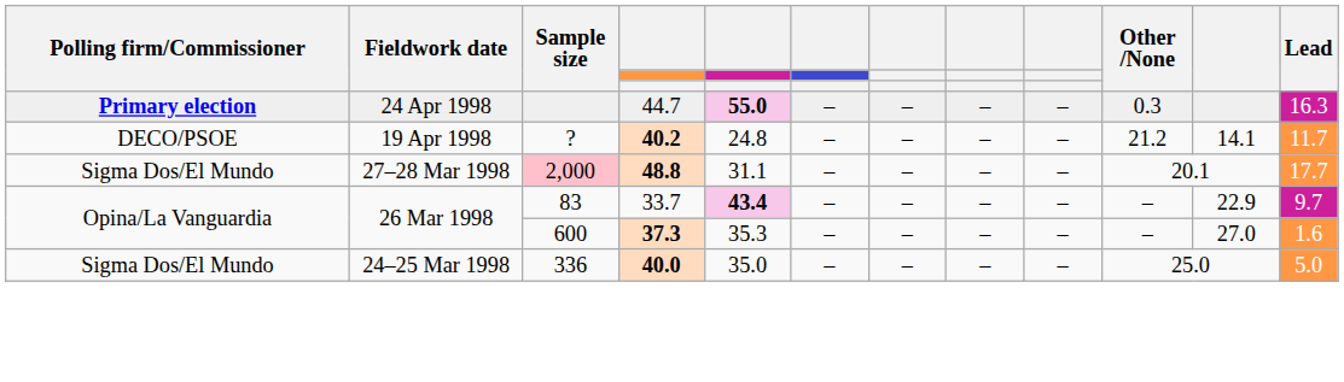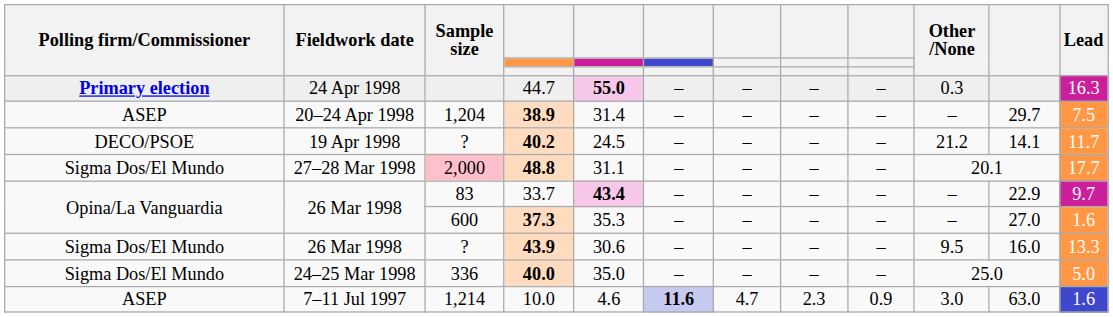 <table class="wikitable collapsible collapsed" style="text-align:center; font-size:90%; line-height:14px;">
 <tr style="height:42px;">
 <th style="width:260px;" rowspan="3">Polling firm/Commissioner</th>
 <th style="width:125px;" rowspan="3">Fieldwork date</th>
 <th style="width:60px;" rowspan="3">Sample size</th>
 <th style="width:60px;"></th>
 <th style="width:60px;"></th>
 <th style="width:60px;"></th>
 <th style="width:60px;"></th>
 <th style="width:60px;"></th>
 <th style="width:60px;"></th>
 <th style="width:60px;" rowspan="3">Other<br>/None</th>
 <th style="width:60px;" rowspan="3"></th>
 <th style="width:30px;" rowspan="3">Lead</th>
 </tr>
 <tr>
 <th style="color:inherit;background:#FF9744;"></th>
 <th style="color:inherit;background:#CB1F9B;"></th>
 <th style="color:inherit;background:#3F48CC;"></th>
 <th style="color:inherit;background:"></th>
 <th style="color:inherit;background:"></th>
 <th style="color:inherit;background:"></th>
 </tr>
 <tr>
 <th></th>
 <th></th>
 <th></th>
 <th></th>
 <th></th>
 <th></th>
 </tr>
 <tr style="color:inherit;background:#EFEFEF;">
 <td><strong><a href='#'>Primary election</a></strong></td>
 <td>24 Apr 1998</td>
 <td></td>
 <td>44.7</td>
 <td style="color:inherit;background:#F7C8EA;"><strong>55.0</strong></td>
 <td>–</td>
 <td>–</td>
 <td>–</td>
 <td>–</td>
 <td>0.3</td>
 <td></td>
 <td style="color:inherit;background:#CB1F9B; color:white;">16.3</td>
 </tr>
 <tr>
+<td>ASEP</td>
+<td>20–24 Apr 1998</td>
+<td>1,204</td>
+<td style="color:inherit;background:#FFDCBF;"><strong>38.9</strong></td>
+<td>31.4</td>
+<td>–</td>
+<td>–</td>
+<td>–</td>
+<td>–</td>
+<td>–</td>
+<td>29.7</td>
+<td style="color:inherit;background:#FF9744; color:white;">7.5</td>
+</tr>
+<tr>
 <td>DECO/PSOE</td>
 <td>19 Apr 1998</td>
 <td>?</td>
 <td style="color:inherit;background:#FFDCBF;"><strong>40.2</strong></td>
-<td>24.8</td>
+<td>24.5</td>
 <td>–</td>
 <td>–</td>
 <td>–</td>
 <td>–</td>
 <td>21.2</td>
 <td>14.1</td>
 <td style="color:inherit;background:#FF9744; color:white;">11.7</td>
 </tr>
 <tr>
 <td>Sigma Dos/El Mundo</td>
 <td>27–28 Mar 1998</td>
 <td style="background: pink;">2,000</td>
 <td style="color:inherit;background:#FFDCBF;"><strong>48.8</strong></td>
 <td>31.1</td>
 <td>–</td>
 <td>–</td>
 <td>–</td>
 <td>–</td>
 <td colspan="2">20.1</td>
 <td style="color:inherit;background:#FF9744; color:white;">17.7</td>
 </tr>
 <tr>
 <td rowspan="2">Opina/La Vanguardia</td>
 <td rowspan="2">26 Mar 1998</td>
 <td>83</td>
 <td>33.7</td>
 <td style="color:inherit;background:#F7C8EA;"><strong>43.4</strong></td>
 <td>–</td>
 <td>–</td>
 <td>–</td>
 <td>–</td>
 <td>–</td>
 <td>22.9</td>
 <td style="color:inherit;background:#CB1F9B; color:white;">9.7</td>
 </tr>
 <tr>
 <td>600</td>
 <td style="color:inherit;background:#FFDCBF;"><strong>37.3</strong></td>
 <td>35.3</td>
 <td>–</td>
 <td>–</td>
 <td>–</td>
 <td>–</td>
 <td>–</td>
 <td>27.0</td>
 <td style="color:inherit;background:#FF9744; color:white;">1.6</td>
 </tr>
 <tr>
 <td>Sigma Dos/El Mundo</td>
+<td>26 Mar 1998</td>
+<td>?</td>
+<td style="color:inherit;background:#FFDCBF;"><strong>43.9</strong></td>
+<td>30.6</td>
+<td>–</td>
+<td>–</td>
+<td>–</td>
+<td>–</td>
+<td>9.5</td>
+<td>16.0</td>
+<td style="color:inherit;background:#FF9744; color:white;">13.3</td>
+</tr>
+<tr>
+<td>Sigma Dos/El Mundo</td>
 <td>24–25 Mar 1998</td>
 <td>336</td>
 <td style="color:inherit;background:#FFDCBF;"><strong>40.0</strong></td>
 <td>35.0</td>
 <td>–</td>
 <td>–</td>
 <td>–</td>
 <td>–</td>
 <td colspan="2">25.0</td>
 <td style="color:inherit;background:#FF9744; color:white;">5.0</td>
 </tr>
+<tr>
+<td>ASEP</td>
+<td>7–11 Jul 1997</td>
+<td>1,214</td>
+<td>10.0</td>
+<td>4.6</td>
+<td style="color:inherit;background:#C6C9F0;"><strong>11.6</strong></td>
+<td>4.7</td>
+<td>2.3</td>
+<td>0.9</td>
+<td>3.0</td>
+<td>63.0</td>
+<td style="color:inherit;background:#3F48CC; color:white;">1.6</td>
+</tr>
 </table>
